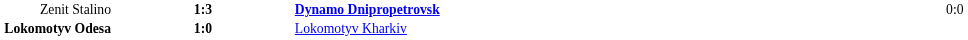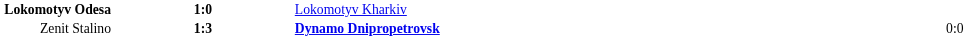 <table width=100% cellspacing=1>
 <tr>
 <th width=20%></th>
 <th width=12%></th>
 <th width=20%></th>
 <th></th>
 </tr>
 <tr style=font-size:90%>
+<td align=right><strong>Lokomotyv Odesa</strong></td>
+<td align=center><strong>1:0</strong></td>
+<td><a href='#'>Lokomotyv Kharkiv</a></td>
+<td align=center></td>
+</tr>
+<tr style=font-size:90%>
 <td align=right>Zenit Stalino</td>
 <td align=center><strong>1:3</strong></td>
 <td><strong><a href='#'>Dynamo Dnipropetrovsk</a></strong></td>
 <td align=center>0:0 </td>
 </tr>
-<tr style=font-size:90%>
-<td align=right><strong>Lokomotyv Odesa</strong></td>
-<td align=center><strong>1:0</strong></td>
-<td><a href='#'>Lokomotyv Kharkiv</a></td>
-<td align=center></td>
-</tr>
 </table>
